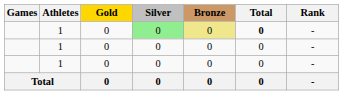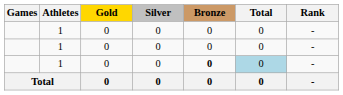 <table class="wikitable sortable" style="text-align:center; font-size:90%;">
 <tr>
 <th>Games</th>
 <th>Athletes</th>
 <th style="background:gold; width:4.5em; font-weight:bold;">Gold</th>
 <th style="background:silver; width:4.5em; font-weight:bold;">Silver</th>
 <th style="background:#cc9966; width:4.5em; font-weight:bold;">Bronze</th>
 <th style="width:4.5em; font-weight:bold;">Total</th>
 <th style="width:4.5em; font-weight:bold;">Rank</th>
-</tr>
-<tr>
-<td align=left></td>
-<td>1</td>
-<td>0</td>
-<td style="background: lightgreen;">0</td>
-<td style="background: khaki;">0</td>
-<td><strong>0</strong></td>
-<td>-</td>
 </tr>
 <tr>
 <td align=left></td>
 <td>1</td>
 <td>0</td>
 <td>0</td>
 <td>0</td>
 <td>0</td>
 <td>-</td>
 </tr>
 <tr>
 <td align=left></td>
 <td>1</td>
 <td>0</td>
 <td>0</td>
 <td>0</td>
 <td>0</td>
 <td>-</td>
 </tr>
 <tr>
+<td align=left></td>
+<td>1</td>
+<td>0</td>
+<td>0</td>
+<td><strong>0</strong></td>
+<td style="background: lightblue;">0</td>
+<td>-</td>
+</tr>
+<tr>
 <th colspan=2>Total</th>
 <th>0</th>
 <th>0</th>
 <th>0</th>
 <th>0</th>
 <th>-</th>
 </tr>
 </table>
